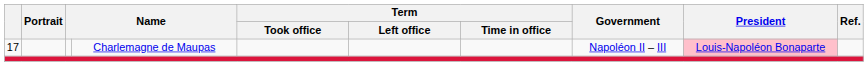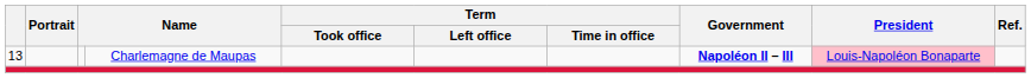 <table class="wikitable" style="text-align:center; width:100%">
 <tr>
 <th style="width:2%" rowspan=2></th>
 <th style="width:5%" rowspan=2>Portrait</th>
 <th style="width:20%" rowspan=2, colspan=2>Name</th>
 <th colspan=3>Term</th>
 <th style="width:13%" rowspan=2>Government</th>
 <th rowspan=2><a href='#'>President</a></th>
 <th style="width:2%" rowspan=2>Ref.</th>
 </tr>
 <tr>
 <th style="width:13%">Took office</th>
 <th style="width:13%">Left office</th>
 <th style="width:13%">Time in office</th>
 </tr>
 <tr>
-<td>17</td>
+<td>13</td>
 <td></td>
 <td style="background:"></td>
 <td><a href='#'>Charlemagne de Maupas</a></td>
 <td></td>
 <td></td>
 <td></td>
-<td><a href='#'>Napoléon II</a> – <a href='#'>III</a></td>
+<td><strong><a href='#'>Napoléon II</a> – <a href='#'>III</a></strong></td>
 <td style="background: pink;"><a href='#'>Louis-Napoléon Bonaparte</a></td>
 <td></td>
 </tr>
 <tr bgcolor="crimson">
 <td colspan=10></td>
 </tr>
 </table>
